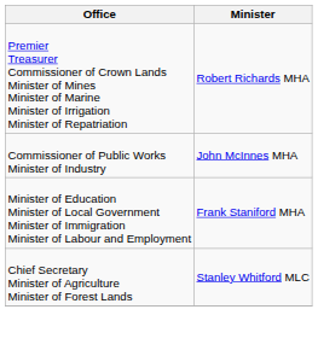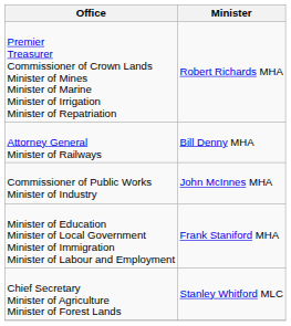 <table class="wikitable">
 <tr>
 <th>Office</th>
 <th>Minister</th>
 </tr>
 <tr>
 <td><br><a href='#'>Premier</a><br> <a href='#'>Treasurer</a><br> Commissioner of Crown Lands<br> Minister of Mines<br> Minister of Marine<br> Minister of Irrigation<br> Minister of Repatriation</td>
 <td><a href='#'>Robert Richards</a> MHA</td>
+</tr>
+<tr>
+<td><br><a href='#'>Attorney General</a><br> Minister of Railways<br></td>
+<td><a href='#'>Bill Denny</a> MHA</td>
 </tr>
 <tr>
 <td><br>Commissioner of Public Works<br> Minister of Industry<br></td>
 <td><a href='#'>John McInnes</a> MHA</td>
 </tr>
 <tr>
 <td><br>Minister of Education<br> Minister of Local Government<br> Minister of Immigration<br> Minister of Labour and Employment<br></td>
 <td><a href='#'>Frank Staniford</a> MHA</td>
 </tr>
 <tr>
 <td><br>Chief Secretary<br> Minister of Agriculture<br> Minister of Forest Lands<br></td>
 <td><a href='#'>Stanley Whitford</a> MLC</td>
 </tr>
 <tr>
 </tr>
 </table>
